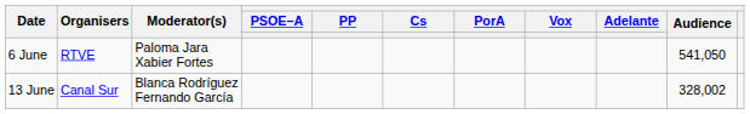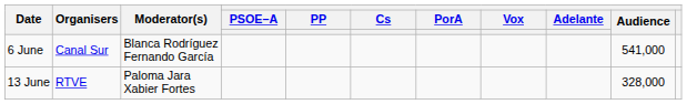 <table class="wikitable" style="text-align:center;">
 <tr>
 <th rowspan="3">Date</th>
 <th rowspan="3">Organisers</th>
 <th rowspan="3">Moderator(s)</th>
 <th colspan="10">  </th>
 </tr>
 <tr>
 <th scope="col" style="width:5em;"><a href='#'>PSOE–A</a></th>
 <th scope="col" style="width:5em;"><a href='#'>PP</a></th>
 <th scope="col" style="width:5em;"><a href='#'>Cs</a></th>
 <th scope="col" style="width:5em;"><a href='#'>PorA</a></th>
 <th scope="col" style="width:5em;"><a href='#'>Vox</a></th>
 <th scope="col" style="width:5em;"><a href='#'>Adelante</a></th>
 <th rowspan="2" scope="col" style="width:5em;">Audience</th>
 <th rowspan="2"></th>
 </tr>
 <tr>
 <th style="color:inherit;background:"></th>
 <th style="color:inherit;background:"></th>
 <th style="color:inherit;background:"></th>
 <th style="color:inherit;background:"></th>
 <th style="color:inherit;background:"></th>
 <th style="color:inherit;background:"></th>
 </tr>
 <tr>
 <td style="white-space:nowrap; text-align:left;">6 June</td>
+<td style="white-space:nowrap; text-align:left;"><a href='#'>Canal Sur</a></td>
+<td style="white-space:nowrap; text-align:left;">Blanca Rodríguez<br>Fernando García</td>
+<td></td>
+<td></td>
+<td></td>
+<td></td>
+<td></td>
+<td></td>
+<td>541,000<br></td>
+<td><br></td>
+</tr>
+<tr>
+<td style="white-space:nowrap; text-align:left;">13 June</td>
 <td style="white-space:nowrap; text-align:left;"><a href='#'>RTVE</a></td>
 <td style="white-space:nowrap; text-align:left;">Paloma Jara<br>Xabier Fortes</td>
 <td></td>
 <td></td>
 <td></td>
 <td></td>
 <td></td>
 <td></td>
-<td>541,050<br></td>
-<td><br></td>
-</tr>
-<tr>
-<td style="white-space:nowrap; text-align:left;">13 June</td>
-<td style="white-space:nowrap; text-align:left;"><a href='#'>Canal Sur</a></td>
-<td style="white-space:nowrap; text-align:left;">Blanca Rodríguez<br>Fernando García</td>
-<td></td>
-<td></td>
-<td></td>
-<td></td>
-<td></td>
-<td></td>
-<td>328,002<br></td>
+<td>328,000<br></td>
 <td></td>
 </tr>
 </table>
